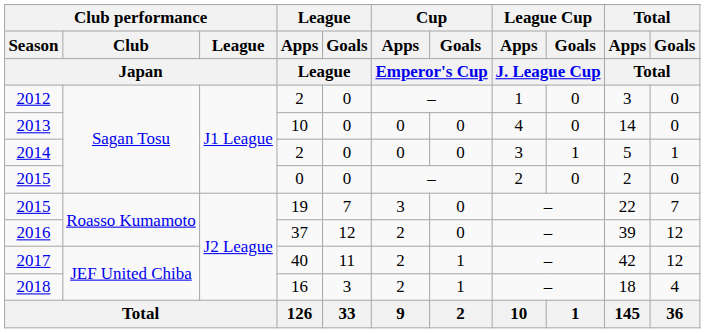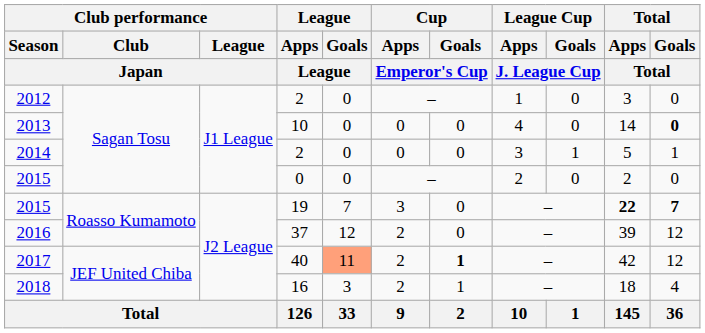 <table class="wikitable" style="text-align:center;">
 <tr>
 <th colspan=3>Club performance</th>
 <th colspan=2>League</th>
 <th colspan=2>Cup</th>
 <th colspan=2>League Cup</th>
 <th colspan=2>Total</th>
 </tr>
 <tr>
 <th>Season</th>
 <th>Club</th>
 <th>League</th>
 <th>Apps</th>
 <th>Goals</th>
 <th>Apps</th>
 <th>Goals</th>
 <th>Apps</th>
 <th>Goals</th>
 <th>Apps</th>
 <th>Goals</th>
 </tr>
 <tr>
 <th colspan=3>Japan</th>
 <th colspan=2>League</th>
 <th colspan=2><a href='#'>Emperor's Cup</a></th>
 <th colspan=2><a href='#'>J. League Cup</a></th>
 <th colspan=2>Total</th>
 </tr>
 <tr>
 <td><a href='#'>2012</a></td>
 <td rowspan=4><a href='#'>Sagan Tosu</a></td>
 <td rowspan=4><a href='#'>J1 League</a></td>
 <td>2</td>
 <td>0</td>
 <td colspan="2">–</td>
 <td>1</td>
 <td>0</td>
 <td>3</td>
 <td>0</td>
 </tr>
 <tr>
 <td><a href='#'>2013</a></td>
 <td>10</td>
 <td>0</td>
 <td>0</td>
 <td>0</td>
 <td>4</td>
 <td>0</td>
 <td>14</td>
-<td>0</td>
+<td><strong>0</strong></td>
 </tr>
 <tr>
 <td><a href='#'>2014</a></td>
 <td>2</td>
 <td>0</td>
 <td>0</td>
 <td>0</td>
 <td>3</td>
 <td>1</td>
 <td>5</td>
 <td>1</td>
 </tr>
 <tr>
 <td><a href='#'>2015</a></td>
 <td>0</td>
 <td>0</td>
 <td colspan="2">–</td>
 <td>2</td>
 <td>0</td>
 <td>2</td>
 <td>0</td>
 </tr>
 <tr>
 <td><a href='#'>2015</a></td>
 <td rowspan="2"><a href='#'>Roasso Kumamoto</a></td>
 <td rowspan="4"><a href='#'>J2 League</a></td>
 <td>19</td>
 <td>7</td>
 <td>3</td>
 <td>0</td>
 <td colspan="2">–</td>
-<td>22</td>
-<td>7</td>
+<td><strong>22</strong></td>
+<td><strong>7</strong></td>
 </tr>
 <tr>
 <td><a href='#'>2016</a></td>
 <td>37</td>
 <td>12</td>
 <td>2</td>
 <td>0</td>
 <td colspan="2">–</td>
 <td>39</td>
 <td>12</td>
 </tr>
 <tr>
 <td><a href='#'>2017</a></td>
 <td rowspan="2"><a href='#'>JEF United Chiba</a></td>
 <td>40</td>
-<td>11</td>
+<td style="background: lightsalmon;">11</td>
 <td>2</td>
-<td>1</td>
+<td><strong>1</strong></td>
 <td colspan="2">–</td>
 <td>42</td>
 <td>12</td>
 </tr>
 <tr>
 <td><a href='#'>2018</a></td>
 <td>16</td>
 <td>3</td>
 <td>2</td>
 <td>1</td>
 <td colspan="2">–</td>
 <td>18</td>
 <td>4</td>
 </tr>
 <tr>
 <th colspan="3">Total</th>
 <th>126</th>
 <th>33</th>
 <th>9</th>
 <th>2</th>
 <th>10</th>
 <th>1</th>
 <th>145</th>
 <th>36</th>
 </tr>
 </table>
